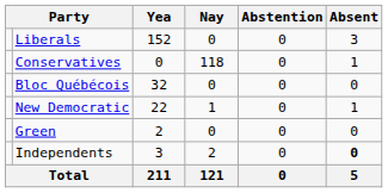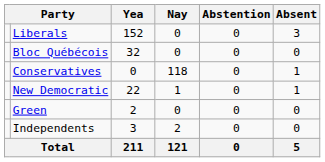 <table class="wikitable" align="center" style="text-align:center; font-size:90%">
 <tr>
 <th colspan="2">Party</th>
 <th width=40px>Yea</th>
 <th width=40px>Nay</th>
 <th width=40px>Abstention</th>
 <th width=40px>Absent</th>
 </tr>
 <tr>
 <td style="background:"></td>
 <td align="left"><a href='#'>Liberals</a></td>
 <td>152</td>
 <td>0</td>
 <td>0</td>
 <td>3</td>
 </tr>
 <tr>
 <td style="background:"></td>
+<td align="left"><a href='#'>Bloc Québécois</a></td>
+<td>32</td>
+<td>0</td>
+<td>0</td>
+<td>0</td>
+</tr>
+<tr>
+<td style="background:"></td>
 <td align="left"><a href='#'>Conservatives</a></td>
 <td>0</td>
 <td>118</td>
 <td>0</td>
 <td>1</td>
-</tr>
-<tr>
-<td style="background:"></td>
-<td align="left"><a href='#'>Bloc Québécois</a></td>
-<td>32</td>
-<td>0</td>
-<td>0</td>
-<td>0</td>
 </tr>
 <tr>
 <td style="background:"></td>
 <td align="left"><a href='#'>New Democratic</a></td>
 <td>22</td>
 <td>1</td>
 <td>0</td>
 <td>1</td>
 </tr>
 <tr>
 <td style="background:"></td>
 <td align="left"><a href='#'>Green</a></td>
 <td>2</td>
 <td>0</td>
 <td>0</td>
 <td>0</td>
 </tr>
 <tr>
 <td style="background:"></td>
 <td align="left">Independents</td>
 <td>3</td>
 <td>2</td>
 <td>0</td>
-<td><strong>0</strong></td>
+<td>0</td>
 </tr>
 <tr>
 <th colspan=2>Total</th>
 <th>211</th>
 <th>121</th>
 <th>0</th>
 <th>5</th>
 </tr>
 </table>
